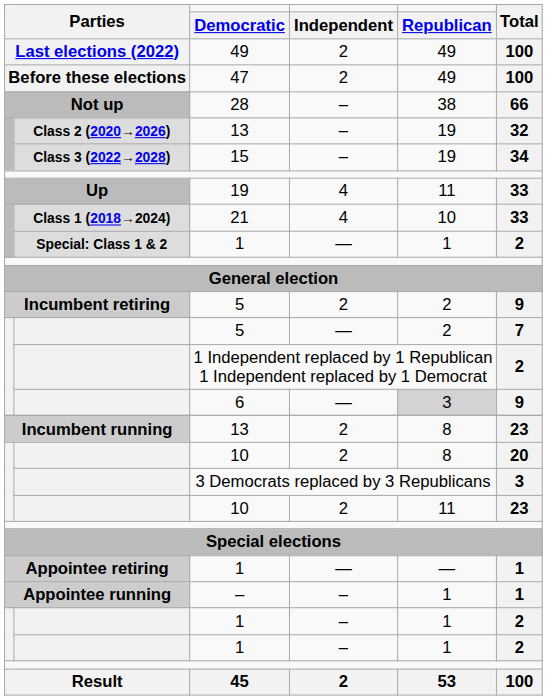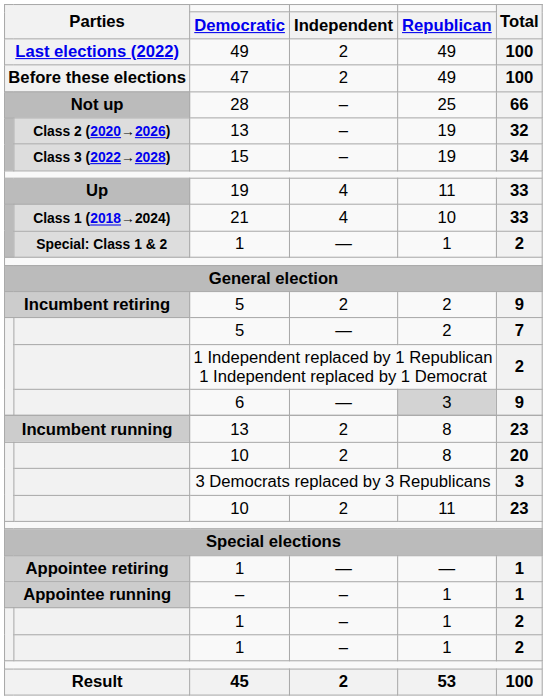 <table class=wikitable style="text-align:center">
 <tr>
 <th colspan=2 rowspan=2>Parties</th>
 <td style="background-color:"></td>
 <td style="background-color:"></td>
 <td style="background-color:"></td>
 <th rowspan=2>Total</th>
 </tr>
 <tr>
 <th><a href='#'>Democratic</a></th>
 <th>Independent</th>
 <th><a href='#'>Republican</a></th>
 </tr>
 <tr>
 <th colspan=2><a href='#'>Last elections (2022)</a></th>
 <td>49</td>
 <td>2</td>
 <td>49</td>
 <th>100</th>
 </tr>
 <tr>
 <th colspan=2>Before these elections</th>
 <td>47</td>
 <td>2</td>
 <td>49</td>
 <th>100</th>
 </tr>
 <tr>
 <th colspan=2 style="background:#bbb">Not up</th>
 <td>28</td>
 <td>–</td>
-<td>38</td>
+<td>25</td>
 <th>66</th>
 </tr>
 <tr>
 <th rowspan=2 style="background:#bbb"></th>
 <th style="background:#ddd"><small>Class 2 (<a href='#'>2020</a>→<a href='#'>2026</a>)</small></th>
 <td>13</td>
 <td>–</td>
 <td>19</td>
 <th>32</th>
 </tr>
 <tr>
 <th style="background:#ddd"><small>Class 3 (<a href='#'>2022</a>→<a href='#'>2028</a>)</small></th>
 <td>15</td>
 <td>–</td>
 <td>19</td>
 <th>34</th>
 </tr>
 <tr>
 <td colspan="6"></td>
 </tr>
 <tr>
 <th colspan=2 style="background:#bbb">Up</th>
 <td>19</td>
 <td>4</td>
 <td>11</td>
 <th>33</th>
 </tr>
 <tr>
 <th rowspan="2" style="background:#bbb"></th>
 <th style="background:#ddd"><small>Class 1 (<a href='#'>2018</a>→2024)</small></th>
 <td>21</td>
 <td>4</td>
 <td>10</td>
 <th>33</th>
 </tr>
 <tr>
 <th style="background:#ddd"><small>Special: Class 1 & 2</small></th>
 <td>1</td>
 <td>—</td>
 <td>1</td>
 <th>2</th>
 </tr>
 <tr>
 <td colspan="6"></td>
 </tr>
 <tr>
 <th colspan=6 style="background:#bbb">General election</th>
 </tr>
 <tr>
 <th colspan=2 style="background:#ccc">Incumbent retiring</th>
 <td>5</td>
 <td>2</td>
 <td>2</td>
 <th>9</th>
 </tr>
 <tr>
 <th rowspan=3></th>
 <th></th>
 <td>5</td>
 <td>—</td>
 <td>2</td>
 <th>7</th>
 </tr>
 <tr>
 <th></th>
 <td colspan=3> 1 Independent replaced by  1 Republican<br> 1 Independent replaced by  1 Democrat</td>
 <th>2</th>
 </tr>
 <tr>
 <th></th>
 <td>6</td>
 <td>—</td>
 <td style="background: lightgrey;">3</td>
 <th>9</th>
 </tr>
 <tr>
 </tr>
 <tr>
 <th colspan=2 style="background:#ccc">Incumbent running</th>
 <td>13</td>
 <td>2</td>
 <td>8</td>
 <th>23</th>
 </tr>
 <tr>
 <th rowspan=3></th>
 <th></th>
 <td>10</td>
 <td>2</td>
 <td>8</td>
 <th>20</th>
 </tr>
 <tr>
 <th></th>
 <td colspan=3 > 3 Democrats replaced by  3 Republicans</td>
 <th>3</th>
 </tr>
 <tr>
 <th></th>
 <td>10</td>
 <td>2</td>
 <td>11</td>
 <th>23</th>
 </tr>
 <tr>
 <td colspan="99"></td>
 </tr>
 <tr>
 <th colspan="8" style="background:#bbb">Special elections</th>
 </tr>
 <tr>
 <th colspan=2 style="background:#ccc">Appointee retiring</th>
 <td>1</td>
 <td>—</td>
 <td>—</td>
 <th>1</th>
 </tr>
 <tr>
 <th colspan=2 style="background:#ccc">Appointee running</th>
 <td>–</td>
 <td>–</td>
 <td>1</td>
 <th>1</th>
 </tr>
 <tr>
 <th rowspan=2></th>
 <th></th>
 <td>1</td>
 <td>–</td>
 <td>1</td>
 <th>2</th>
 </tr>
 <tr>
 <th></th>
 <td>1</td>
 <td>–</td>
 <td>1</td>
 <th>2</th>
 </tr>
 <tr>
 <td colspan="99"></td>
 </tr>
 <tr>
 <th colspan=2>Result</th>
 <th>45</th>
 <th>2</th>
 <th>53</th>
 <th>100</th>
 </tr>
 </table>
